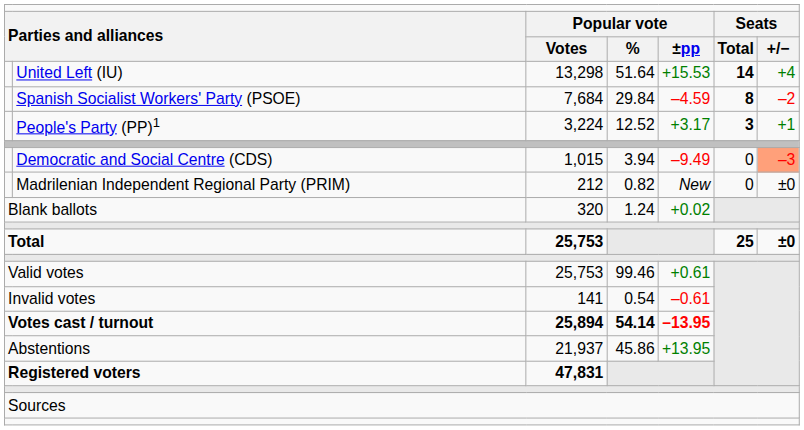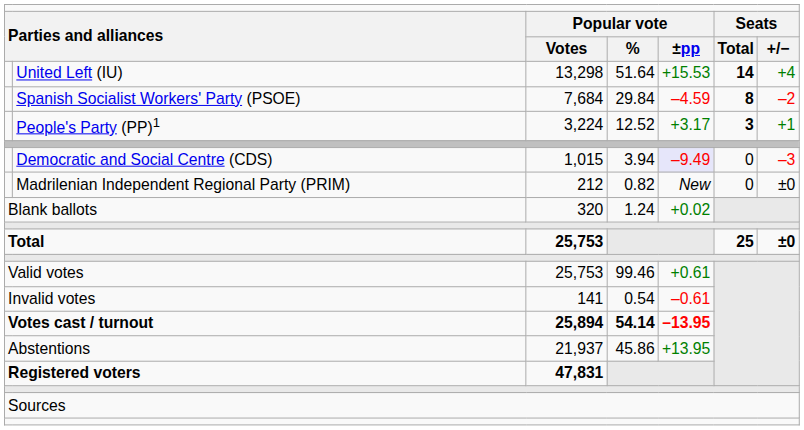 <table class="wikitable" style="text-align:right;">
 <tr>
 <td colspan="7"></td>
 </tr>
 <tr>
 <th style="text-align:left;" rowspan="2" colspan="2" width="525">Parties and alliances</th>
 <th colspan="3">Popular vote</th>
 <th colspan="2">Seats</th>
 </tr>
 <tr>
 <th width="75">Votes</th>
 <th width="45">%</th>
 <th width="45">±<a href='#'>pp</a></th>
 <th width="35">Total</th>
 <th width="35">+/−</th>
 </tr>
 <tr>
 <td width="1" style="color:inherit;background:"></td>
 <td align="left"><a href='#'>United Left</a> (IU)</td>
 <td>13,298</td>
 <td>51.64</td>
 <td style="color:green;">+15.53</td>
 <td><strong>14</strong></td>
 <td style="color:green;">+4</td>
 </tr>
 <tr>
 <td style="color:inherit;background:"></td>
 <td align="left"><a href='#'>Spanish Socialist Workers' Party</a> (PSOE)</td>
 <td>7,684</td>
 <td>29.84</td>
 <td style="color:red;">–4.59</td>
 <td><strong>8</strong></td>
 <td style="color:red;">–2</td>
 </tr>
 <tr>
 <td style="color:inherit;background:"></td>
 <td align="left"><a href='#'>People's Party</a> (PP)<sup>1</sup></td>
 <td>3,224</td>
 <td>12.52</td>
 <td style="color:green;">+3.17</td>
 <td><strong>3</strong></td>
 <td style="color:green;">+1</td>
 </tr>
 <tr>
 <td colspan="7" bgcolor="#C0C0C0"></td>
 </tr>
 <tr>
 <td style="color:inherit;background:"></td>
 <td align="left"><a href='#'>Democratic and Social Centre</a> (CDS)</td>
 <td>1,015</td>
 <td>3.94</td>
-<td style="color:red;">–9.49</td>
+<td style="background: lavender; color:red;">–9.49</td>
 <td>0</td>
-<td style="background: lightsalmon; color:red;">–3</td>
+<td style="color:red;">–3</td>
 </tr>
 <tr>
 <td style="color:inherit;background:"></td>
 <td align="left">Madrilenian Independent Regional Party (PRIM)</td>
 <td>212</td>
 <td>0.82</td>
 <td><em>New</em></td>
 <td>0</td>
 <td>±0</td>
 </tr>
 <tr>
 <td align="left" colspan="2">Blank ballots</td>
 <td>320</td>
 <td>1.24</td>
 <td style="color:green;">+0.02</td>
 <td bgcolor="#E9E9E9" colspan="2"></td>
 </tr>
 <tr>
 <td colspan="7" bgcolor="#E9E9E9"></td>
 </tr>
 <tr style="font-weight:bold;">
 <td align="left" colspan="2">Total</td>
 <td>25,753</td>
 <td bgcolor="#E9E9E9" colspan="2"></td>
 <td>25</td>
 <td>±0</td>
 </tr>
 <tr>
 <td colspan="7" bgcolor="#E9E9E9"></td>
 </tr>
 <tr>
 <td align="left" colspan="2">Valid votes</td>
 <td>25,753</td>
 <td>99.46</td>
 <td style="color:green;">+0.61</td>
 <td bgcolor="#E9E9E9" colspan="2" rowspan="5"></td>
 </tr>
 <tr>
 <td align="left" colspan="2">Invalid votes</td>
 <td>141</td>
 <td>0.54</td>
 <td style="color:red;">–0.61</td>
 </tr>
 <tr style="font-weight:bold;">
 <td align="left" colspan="2">Votes cast / turnout</td>
 <td>25,894</td>
 <td>54.14</td>
 <td style="color:red;">–13.95</td>
 </tr>
 <tr>
 <td align="left" colspan="2">Abstentions</td>
 <td>21,937</td>
 <td>45.86</td>
 <td style="color:green;">+13.95</td>
 </tr>
 <tr style="font-weight:bold;">
 <td align="left" colspan="2">Registered voters</td>
 <td>47,831</td>
 <td bgcolor="#E9E9E9" colspan="2"></td>
 </tr>
 <tr>
 <td colspan="7" bgcolor="#E9E9E9"></td>
 </tr>
 <tr>
 <td align="left" colspan="7">Sources</td>
 </tr>
 <tr>
 <td colspan="7" style="text-align:left; max-width:790px;"></td>
 </tr>
 </table>
